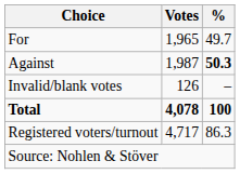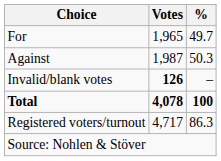 <table class=wikitable style=text-align:right>
 <tr>
 <th>Choice</th>
 <th>Votes</th>
 <th>%</th>
 </tr>
 <tr>
 <td align=left>For</td>
 <td>1,965</td>
 <td>49.7</td>
 </tr>
 <tr>
 <td align=left>Against</td>
 <td>1,987</td>
-<td><strong>50.3</strong></td>
+<td>50.3</td>
 </tr>
 <tr>
 <td align=left>Invalid/blank votes</td>
-<td>126</td>
+<td><strong>126</strong></td>
 <td>–</td>
 </tr>
 <tr>
 <td align=left><strong>Total</strong></td>
 <td><strong>4,078</strong></td>
 <td><strong>100</strong></td>
 </tr>
 <tr>
 <td align=left>Registered voters/turnout</td>
 <td>4,717</td>
 <td>86.3</td>
 </tr>
 <tr>
 <td align=left colspan=3>Source: Nohlen & Stöver</td>
 </tr>
 </table>
